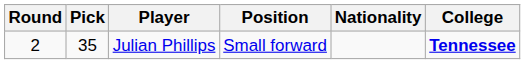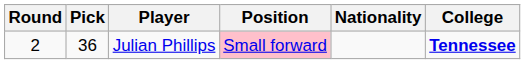 <table class="wikitable sortable sortable">
 <tr>
 <th>Round</th>
 <th>Pick</th>
 <th>Player</th>
 <th>Position</th>
 <th>Nationality</th>
 <th>College</th>
 </tr>
 <tr style="text-align: center">
 <td>2</td>
-<td>35</td>
+<td>36</td>
 <td><a href='#'>Julian Phillips</a></td>
-<td><a href='#'>Small forward</a></td>
+<td style="background: pink;"><a href='#'>Small forward</a></td>
 <td></td>
 <td><strong><a href='#'>Tennessee</a> </strong></td>
 </tr>
 </table>
